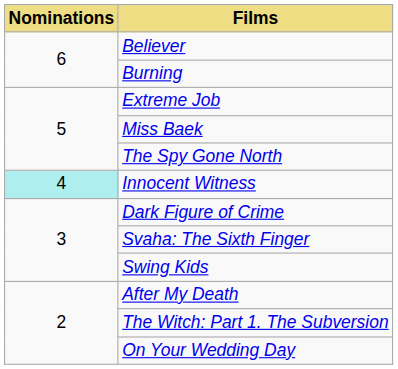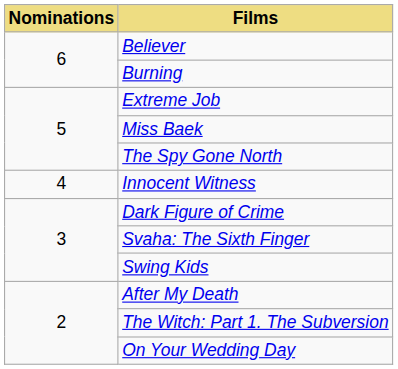 <table class="wikitable">
 <tr>
 <th style="background:#EEDD82; text-align:center">Nominations</th>
 <th style="background:#EEDD82; text-align:center">Films</th>
 </tr>
 <tr>
 <td rowspan="2" style="text-align:center">6</td>
 <td><em><a href='#'>Believer</a></em></td>
 </tr>
 <tr>
 <td><em><a href='#'>Burning</a></em></td>
 </tr>
 <tr>
 <td rowspan="3" style="text-align:center">5</td>
 <td><em><a href='#'>Extreme Job</a></em></td>
 </tr>
 <tr>
 <td><em><a href='#'>Miss Baek</a></em></td>
 </tr>
 <tr>
 <td><em><a href='#'>The Spy Gone North</a></em></td>
 </tr>
 <tr>
-<td style="background: paleturquoise; text-align:center">4</td>
+<td style="text-align:center">4</td>
 <td><em><a href='#'>Innocent Witness</a></em></td>
 </tr>
 <tr>
 <td rowspan="3" style="text-align:center">3</td>
 <td><em><a href='#'>Dark Figure of Crime</a></em></td>
 </tr>
 <tr>
 <td><em><a href='#'>Svaha: The Sixth Finger</a></em></td>
 </tr>
 <tr>
 <td><em><a href='#'>Swing Kids</a></em></td>
 </tr>
 <tr>
 <td rowspan="3" style="text-align:center">2</td>
 <td><em><a href='#'>After My Death</a></em></td>
 </tr>
 <tr>
 <td><em><a href='#'>The Witch: Part 1. The Subversion</a></em></td>
 </tr>
 <tr>
 <td><em><a href='#'>On Your Wedding Day</a></em></td>
 </tr>
 </table>
